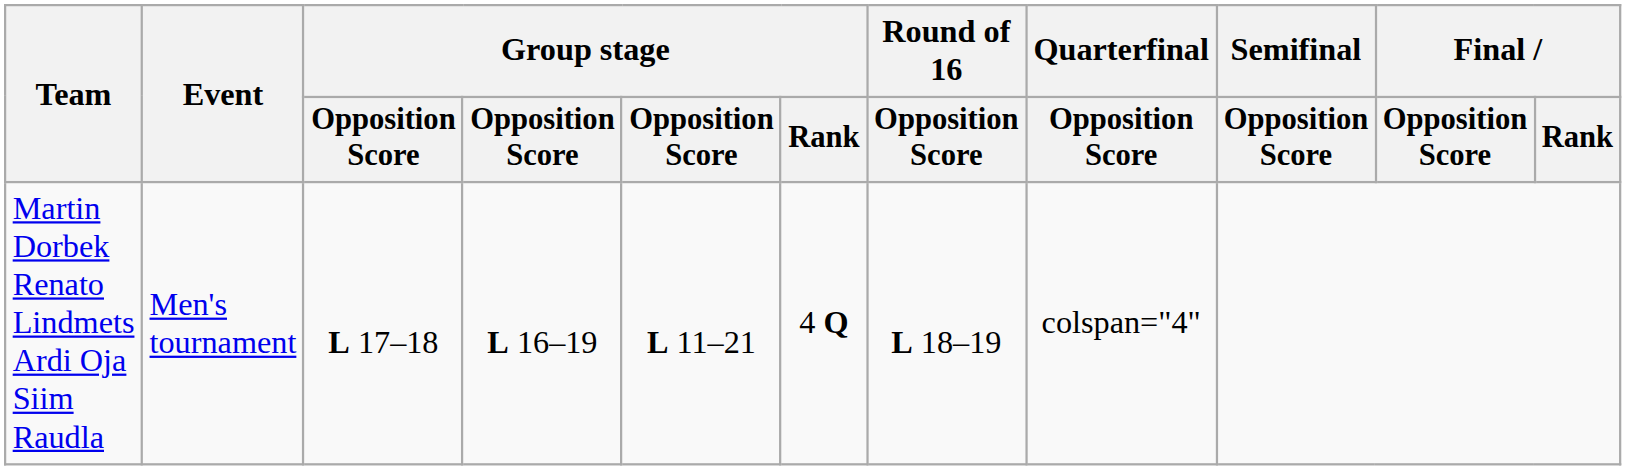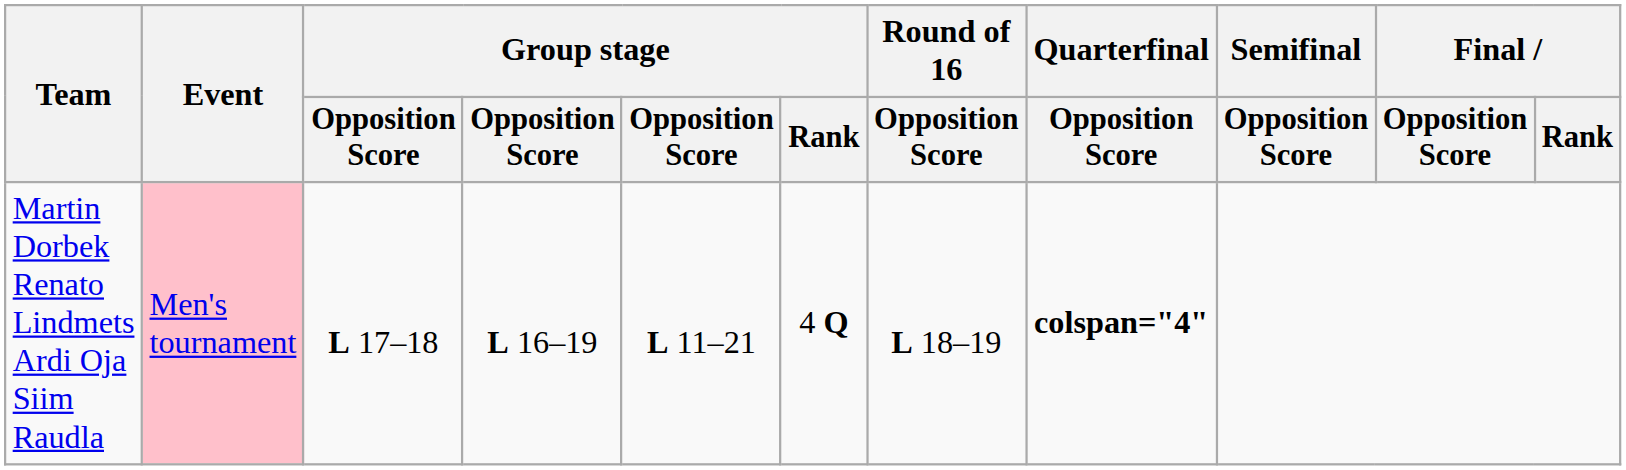 <table class="wikitable" style="font-size:90%">
 <tr>
 <th rowspan=2>Team</th>
 <th rowspan=2>Event</th>
 <th colspan=4>Group stage</th>
 <th>Round of 16</th>
 <th>Quarterfinal</th>
 <th>Semifinal</th>
 <th colspan=2>Final / </th>
 </tr>
 <tr style="font-size:95%">
 <th>Opposition<br>Score</th>
 <th>Opposition<br>Score</th>
 <th>Opposition<br>Score</th>
 <th>Rank</th>
 <th>Opposition<br>Score</th>
 <th>Opposition<br>Score</th>
 <th>Opposition<br>Score</th>
 <th>Opposition<br>Score</th>
 <th>Rank</th>
 </tr>
 <tr align=center>
 <td align=left><a href='#'>Martin Dorbek</a><br><a href='#'>Renato Lindmets</a><br><a href='#'>Ardi Oja</a><br><a href='#'>Siim Raudla</a></td>
-<td align=left><a href='#'>Men's tournament</a></td>
+<td align=left style="background: pink;"><a href='#'>Men's tournament</a></td>
 <td><br><strong>L</strong> 17–18</td>
 <td><br><strong>L</strong> 16–19</td>
 <td><br><strong>L</strong> 11–21</td>
 <td>4 <strong>Q</strong></td>
 <td><br><strong>L</strong> 18–19</td>
-<td>colspan="4" </td>
+<td><strong>colspan="4" </strong></td>
 </tr>
 </table>
